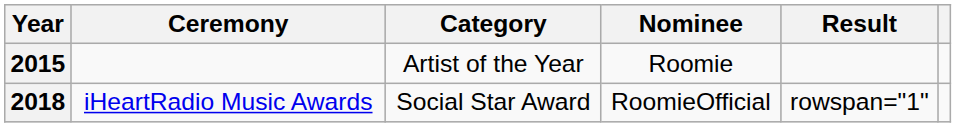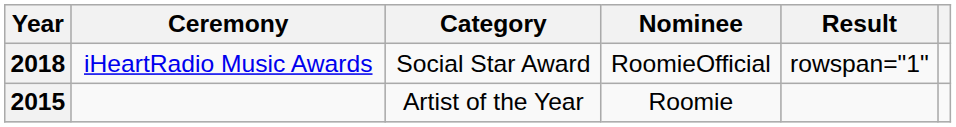 <table class="wikitable" style="text-align:center">
 <tr>
 <th style="width:7%;">Year</th>
 <th>Ceremony</th>
 <th>Category</th>
 <th>Nominee</th>
 <th>Result</th>
 <th></th>
 </tr>
 <tr>
+<th scope="row" rowspan="1">2018</th>
+<td><a href='#'>iHeartRadio Music Awards</a></td>
+<td>Social Star Award</td>
+<td rowspan="1">RoomieOfficial</td>
+<td>rowspan="1" </td>
+<td></td>
+</tr>
+<tr>
 <th scope="row" rowspan="1">2015</th>
 <td></td>
 <td>Artist of the Year</td>
 <td>Roomie</td>
 <td></td>
 <td></td>
 </tr>
-<tr>
-<th scope="row" rowspan="1">2018</th>
-<td><a href='#'>iHeartRadio Music Awards</a></td>
-<td>Social Star Award</td>
-<td rowspan="1">RoomieOfficial</td>
-<td>rowspan="1" </td>
-<td></td>
-</tr>
 </table>
